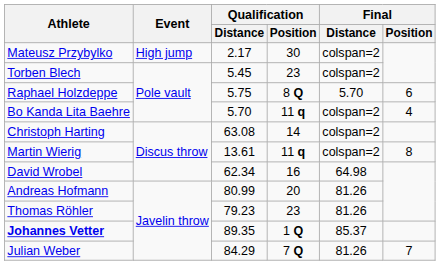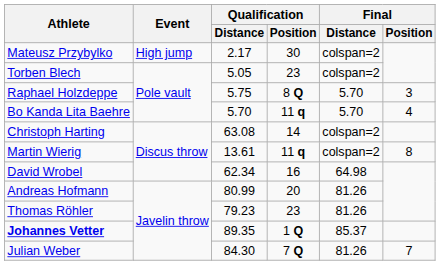 <table class=wikitable style=font-size:90%>
 <tr>
 <th rowspan=2>Athlete</th>
 <th rowspan=2>Event</th>
 <th colspan=2>Qualification</th>
 <th colspan=2>Final</th>
 </tr>
 <tr style=font-size:95%>
 <th>Distance</th>
 <th>Position</th>
 <th>Distance</th>
 <th>Position</th>
 </tr>
 <tr align=center>
 <td align=left><a href='#'>Mateusz Przybylko</a></td>
 <td align=left><a href='#'>High jump</a></td>
 <td>2.17</td>
 <td>30</td>
 <td>colspan=2 </td>
 </tr>
 <tr align=center>
 <td align=left><a href='#'>Torben Blech</a></td>
 <td align=left rowspan=3><a href='#'>Pole vault</a></td>
-<td>5.45</td>
+<td>5.05</td>
 <td>23</td>
 <td>colspan=2 </td>
 </tr>
 <tr align=center>
 <td align=left><a href='#'>Raphael Holzdeppe</a></td>
 <td>5.75</td>
 <td>8 <strong>Q</strong></td>
 <td>5.70</td>
-<td>6</td>
+<td>3</td>
 </tr>
 <tr align=center>
 <td align=left><a href='#'>Bo Kanda Lita Baehre</a></td>
 <td>5.70</td>
 <td>11 <strong>q</strong></td>
-<td>colspan=2 </td>
+<td>5.70</td>
 <td>4</td>
 </tr>
 <tr align=center>
 <td align=left><a href='#'>Christoph Harting</a></td>
 <td align=left  rowspan=3><a href='#'>Discus throw</a></td>
 <td>63.08</td>
 <td>14</td>
 <td>colspan=2 </td>
 </tr>
 <tr align=center>
 <td align=left><a href='#'>Martin Wierig</a></td>
 <td>13.61</td>
 <td>11 <strong>q</strong></td>
 <td>colspan=2 </td>
 <td>8</td>
 </tr>
 <tr align=center>
 <td align=left><a href='#'>David Wrobel</a></td>
 <td>62.34</td>
 <td>16</td>
 <td>64.98</td>
 </tr>
 <tr align=center>
 <td align=left><a href='#'>Andreas Hofmann</a></td>
 <td align=left rowspan=4><a href='#'>Javelin throw</a></td>
 <td>80.99</td>
 <td>20</td>
 <td>81.26</td>
 </tr>
 <tr align=center>
 <td align=left><a href='#'>Thomas Röhler</a></td>
 <td>79.23</td>
 <td>23</td>
 <td>81.26</td>
 </tr>
 <tr align=center>
 <td align=left><strong><a href='#'>Johannes Vetter</a></strong></td>
 <td>89.35</td>
 <td>1 <strong>Q</strong></td>
 <td>85.37</td>
 <td></td>
 </tr>
 <tr align=center>
 <td align=left><a href='#'>Julian Weber</a></td>
-<td>84.29</td>
+<td>84.30</td>
 <td>7 <strong>Q</strong></td>
 <td>81.26</td>
 <td>7</td>
 </tr>
 </table>
